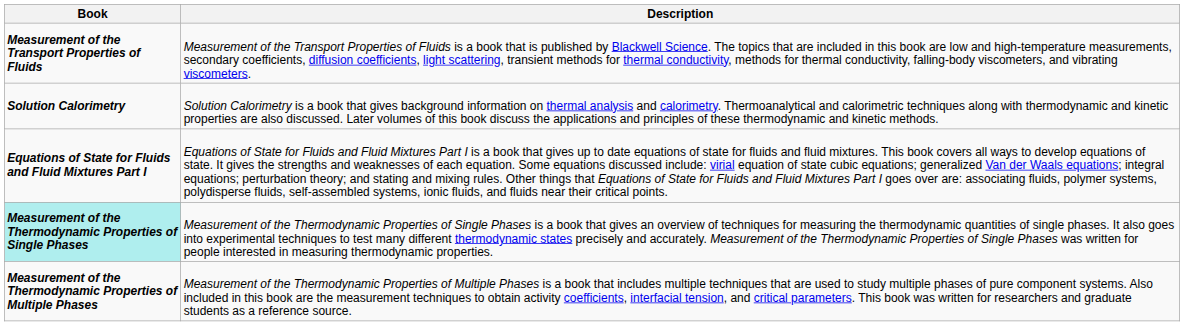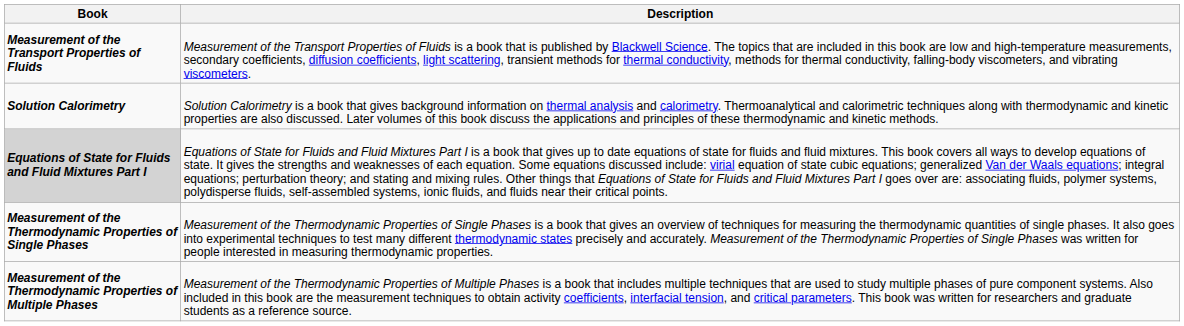 <table class="wikitable">
 <tr>
 <th>Book</th>
 <th>Description</th>
 </tr>
 <tr>
 <td><strong><em>Measurement of the Transport Properties of Fluids</em></strong></td>
 <td><br><em>Measurement of the Transport Properties of Fluids</em> is a book that is published by <a href='#'>Blackwell Science</a>. The topics that are included in this book are low and high-temperature measurements, secondary coefficients, <a href='#'>diffusion coefficients</a>, <a href='#'>light scattering</a>, transient methods for <a href='#'>thermal conductivity</a>, methods for thermal conductivity, falling-body viscometers, and vibrating <a href='#'>viscometers</a>.</td>
 </tr>
 <tr>
 <td><strong><em>Solution Calorimetry</em></strong></td>
 <td><br><em>Solution Calorimetry</em> is a book that gives background information on <a href='#'>thermal analysis</a> and <a href='#'>calorimetry</a>. Thermoanalytical and calorimetric techniques along with thermodynamic and kinetic properties are also discussed. Later volumes of this book discuss the applications and principles of these thermodynamic and kinetic methods.</td>
 </tr>
 <tr>
-<td><strong><em>Equations of State for Fluids and Fluid Mixtures Part I</em></strong></td>
+<td style="background: lightgrey;"><strong><em>Equations of State for Fluids and Fluid Mixtures Part I</em></strong></td>
 <td><br><em>Equations of State for Fluids and Fluid Mixtures Part I</em> is a book that gives up to date equations of state for fluids and fluid mixtures. This book covers all ways to develop equations of state. It gives the strengths and weaknesses of each equation. Some equations discussed include: <a href='#'>virial</a> equation of state cubic equations; generalized <a href='#'>Van der Waals equations</a>; integral equations; perturbation theory; and stating and mixing rules. Other things that <em>Equations of State for Fluids and Fluid Mixtures Part I</em> goes over are: associating fluids, polymer systems, polydisperse fluids, self-assembled systems, ionic fluids, and fluids near their critical points.</td>
 </tr>
 <tr>
-<td style="background: paleturquoise;"><strong><em>Measurement of the Thermodynamic Properties of Single Phases</em></strong></td>
+<td><strong><em>Measurement of the Thermodynamic Properties of Single Phases</em></strong></td>
 <td><br><em>Measurement of the Thermodynamic Properties of Single Phases</em> is a book that gives an overview of techniques for measuring the thermodynamic quantities of single phases. It also goes into experimental techniques to test many different <a href='#'>thermodynamic states</a> precisely and accurately. <em>Measurement of the Thermodynamic Properties of Single Phases</em> was written for people interested in measuring thermodynamic properties.</td>
 </tr>
 <tr>
 <td><strong><em>Measurement of the Thermodynamic Properties of Multiple Phases</em></strong></td>
 <td><br><em>Measurement of the Thermodynamic Properties of Multiple Phases</em> is a book that includes multiple techniques that are used to study multiple phases of pure component systems. Also included in this book are the measurement techniques to obtain activity <a href='#'>coefficients</a>, <a href='#'>interfacial tension</a>, and <a href='#'>critical parameters</a>. This book was written for researchers and graduate students as a reference source.</td>
 </tr>
 </table>
